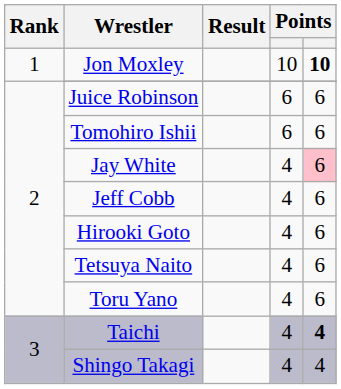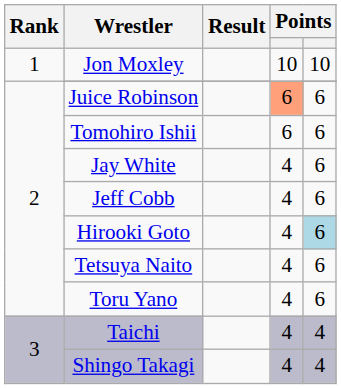 <table class="wikitable mw-collapsible mw-collapsed" plainrowheaders sortable" style="text-align: center">
 <tr>
 <th scope="col" rowspan="2">Rank</th>
 <th scope="col" rowspan="2">Wrestler</th>
 <th scope="col" rowspan="2">Result</th>
 <th scope="col" colspan="2">Points</th>
 </tr>
 <tr>
 <th></th>
 <th></th>
 </tr>
 <tr>
 <td>1</td>
 <td><a href='#'>Jon Moxley</a></td>
 <td></td>
 <td>10</td>
-<td><strong>10</strong></td>
+<td>10</td>
 </tr>
 <tr>
 <td rowspan="8">2</td>
 </tr>
 <tr>
 <td><a href='#'>Juice Robinson</a></td>
 <td></td>
-<td>6</td>
+<td style="background: lightsalmon;">6</td>
 <td>6</td>
 </tr>
 <tr>
 <td><a href='#'>Tomohiro Ishii</a></td>
 <td></td>
 <td>6</td>
 <td>6</td>
 </tr>
 <tr>
 <td><a href='#'>Jay White</a></td>
 <td></td>
 <td>4</td>
-<td style="background: pink;">6</td>
+<td>6</td>
 </tr>
 <tr>
 <td><a href='#'>Jeff Cobb</a></td>
 <td></td>
 <td>4</td>
 <td>6</td>
 </tr>
 <tr>
 <td><a href='#'>Hirooki Goto</a></td>
 <td></td>
 <td>4</td>
-<td>6</td>
+<td style="background: lightblue;">6</td>
 </tr>
 <tr>
 <td><a href='#'>Tetsuya Naito</a></td>
 <td></td>
 <td>4</td>
 <td>6</td>
 </tr>
 <tr>
 <td><a href='#'>Toru Yano</a></td>
 <td></td>
 <td>4</td>
 <td>6</td>
 </tr>
 <tr>
 <td rowspan="4" style="background: #BBBBCC;">3</td>
 <td style="background: #BBBBCC;"><a href='#'>Taichi</a></td>
 <td></td>
 <td style="background: #BBBBCC;">4</td>
-<td style="background: #BBBBCC;"><strong>4</strong></td>
+<td style="background: #BBBBCC;">4</td>
 </tr>
 <tr>
 <td style="background: #BBBBCC;"><a href='#'>Shingo Takagi</a></td>
 <td></td>
 <td style="background: #BBBBCC;">4</td>
 <td style="background: #BBBBCC;">4</td>
 </tr>
 </table>
